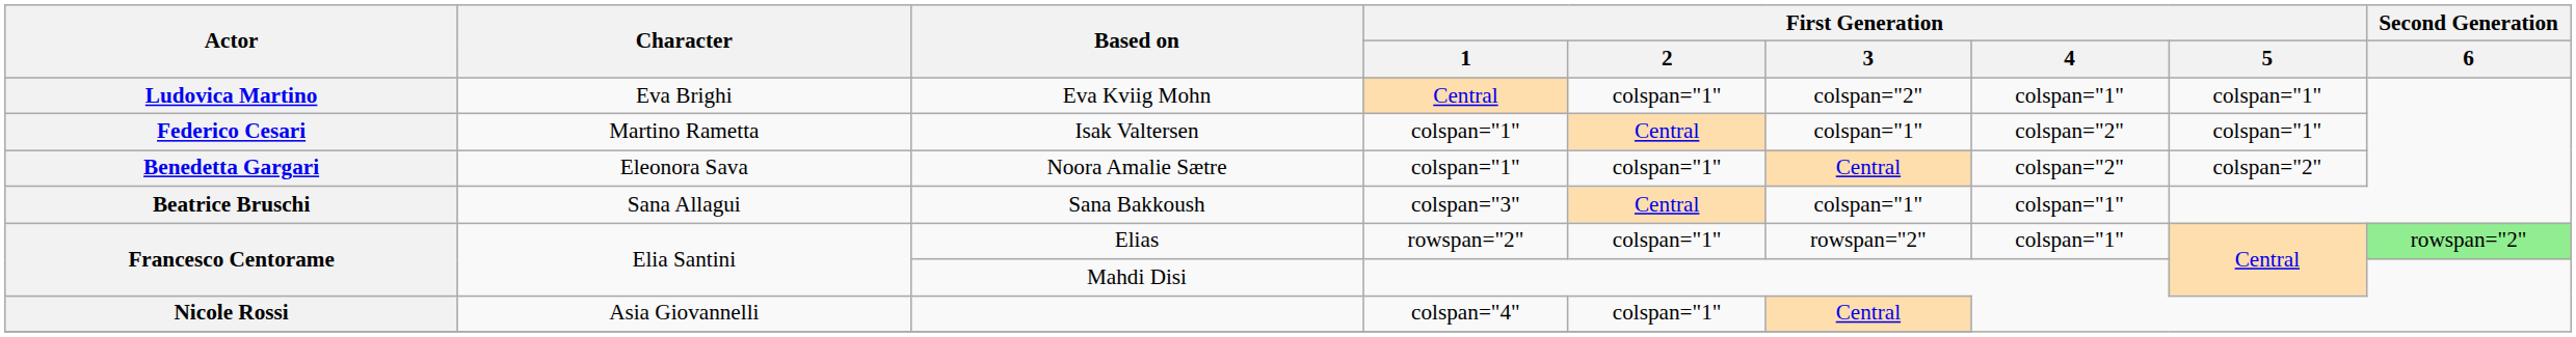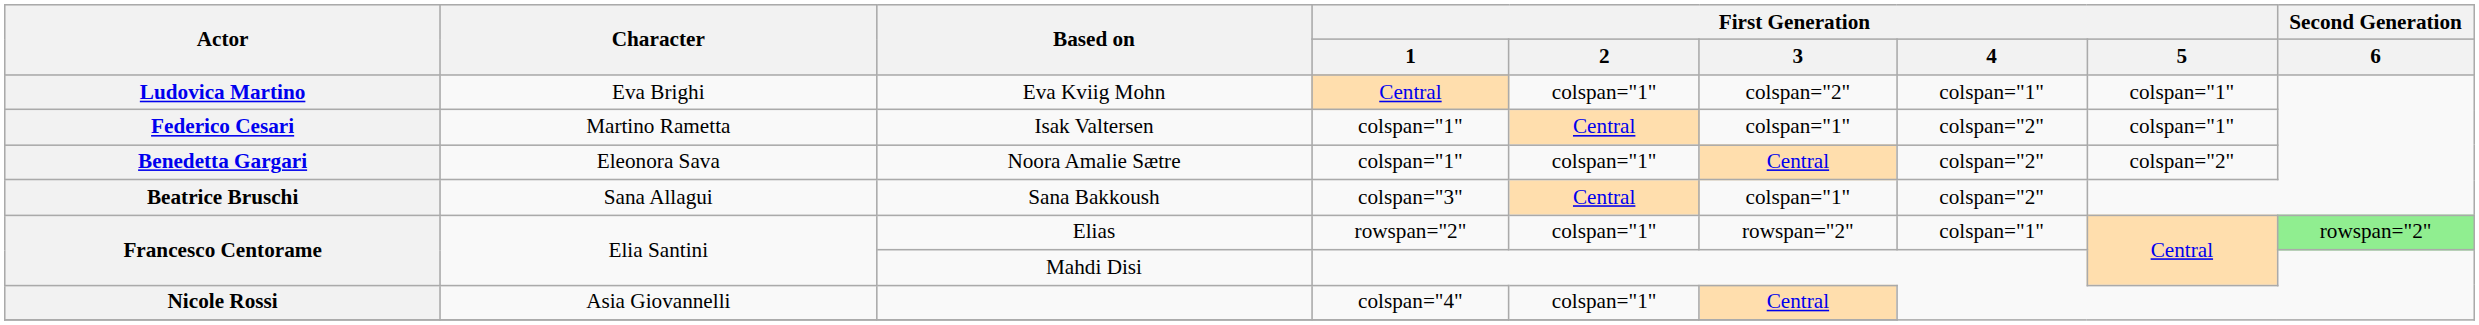 <table class="wikitable plainrowheaders" style="text-align:center; font-size:85%; width:100%">
 <tr>
 <th scope="col" rowspan="2" style="width:10%;">Actor</th>
 <th scope="col" rowspan="2" style="width:10%;">Character</th>
 <th scope="col" rowspan="2" style="width:10%;">Based on</th>
 <th colspan="5">First Generation</th>
 <th colspan="5">Second Generation</th>
 </tr>
 <tr>
 <th scope="col" style="width:4%;">1</th>
 <th scope="col" style="width:4%;">2</th>
 <th scope="col" style="width:4%;">3</th>
 <th scope="col" style="width:4%;">4</th>
 <th scope="col" style="width:4%;">5</th>
 <th scope="col" style="width:4%;">6</th>
 </tr>
 <tr>
 <th scope="row"><a href='#'>Ludovica Martino</a></th>
 <td>Eva Brighi</td>
 <td>Eva Kviig Mohn</td>
 <td style="background:#ffdead;"><a href='#'>Central</a></td>
 <td>colspan="1" </td>
 <td>colspan="2" </td>
 <td>colspan="1" </td>
 <td>colspan="1" </td>
 </tr>
 <tr>
 <th scope="row"><a href='#'>Federico Cesari</a></th>
 <td>Martino Rametta</td>
 <td>Isak Valtersen</td>
 <td>colspan="1" </td>
 <td style="background:#ffdead;"><a href='#'>Central</a></td>
 <td>colspan="1" </td>
 <td>colspan="2" </td>
 <td>colspan="1" </td>
 </tr>
 <tr>
 <th scope="row"><a href='#'>Benedetta Gargari</a></th>
 <td>Eleonora Sava</td>
 <td>Noora Amalie Sætre</td>
 <td>colspan="1" </td>
 <td>colspan="1" </td>
 <td style="background:#ffdead;"><a href='#'>Central</a></td>
 <td>colspan="2" </td>
 <td>colspan="2" </td>
 </tr>
 <tr>
 <th scope="row">Beatrice Bruschi</th>
 <td>Sana Allagui</td>
 <td>Sana Bakkoush</td>
 <td>colspan="3" </td>
 <td style="background:#ffdead;"><a href='#'>Central</a></td>
 <td>colspan="1" </td>
-<td>colspan="1" </td>
+<td>colspan="2" </td>
 </tr>
 <tr>
 <th scope="row" rowspan=2>Francesco Centorame</th>
 <td rowspan=2>Elia Santini</td>
 <td>Elias</td>
 <td>rowspan="2" </td>
 <td>colspan="1" </td>
 <td>rowspan="2" </td>
 <td>colspan="1" </td>
 <td rowspan=2 style="background:#ffdead;"><a href='#'>Central</a></td>
 <td style="background: lightgreen;">rowspan="2" </td>
 </tr>
 <tr>
 <td>Mahdi Disi</td>
 </tr>
 <tr>
 <th scope="row">Nicole Rossi</th>
 <td>Asia Giovannelli</td>
 <td></td>
 <td>colspan="4" </td>
 <td>colspan="1" </td>
 <td style="background:#ffdead;"><a href='#'>Central</a></td>
 </tr>
 <tr>
 </tr>
 </table>
